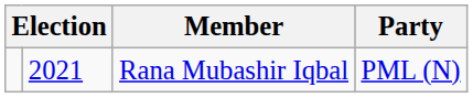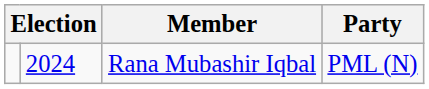 <table class="wikitable">
 <tr>
 <th colspan="2">Election</th>
 <th>Member</th>
 <th>Party</th>
 </tr>
 <tr>
 <td style="background-color: "></td>
-<td><a href='#'>2021</a></td>
+<td><a href='#'>2024</a></td>
 <td><a href='#'>Rana Mubashir Iqbal</a></td>
 <td><a href='#'>PML (N)</a></td>
 </tr>
 </table>
